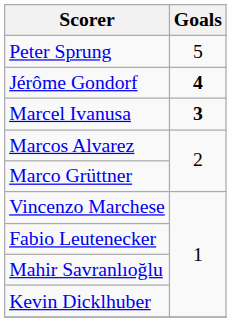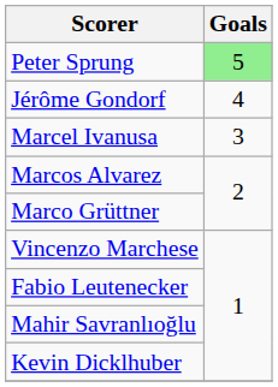 <table class="wikitable">
 <tr>
 <th>Scorer</th>
 <th>Goals</th>
 </tr>
 <tr>
 <td> <a href='#'>Peter Sprung</a></td>
-<td align=center>5</td>
+<td align=center style="background: lightgreen;">5</td>
 </tr>
 <tr>
 <td> <a href='#'>Jérôme Gondorf</a></td>
-<td align=center><strong>4</strong></td>
+<td align=center>4</td>
 </tr>
 <tr>
 <td> <a href='#'>Marcel Ivanusa</a></td>
-<td align=center><strong>3</strong></td>
+<td align=center>3</td>
 </tr>
 <tr>
 <td> <a href='#'>Marcos Alvarez</a></td>
 <td rowspan="2" align=center>2</td>
 </tr>
 <tr>
 <td> <a href='#'>Marco Grüttner</a></td>
 </tr>
 <tr>
 <td> <a href='#'>Vincenzo Marchese</a></td>
 <td rowspan="4" align=center>1</td>
 </tr>
 <tr>
 <td> <a href='#'>Fabio Leutenecker</a></td>
 </tr>
 <tr>
 <td> <a href='#'>Mahir Savranlıoğlu</a></td>
 </tr>
 <tr>
 <td> <a href='#'>Kevin Dicklhuber</a></td>
 </tr>
 <tr>
 </tr>
 </table>
